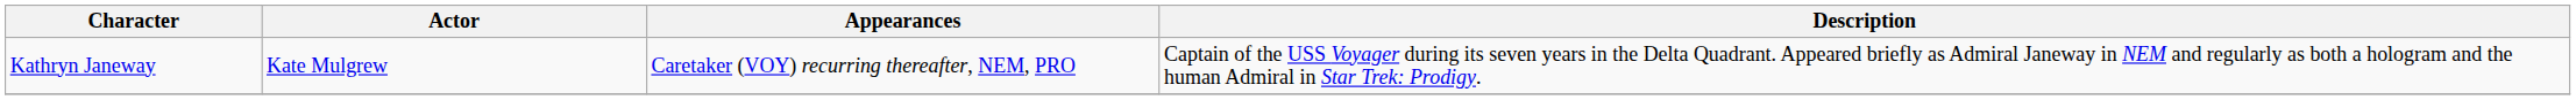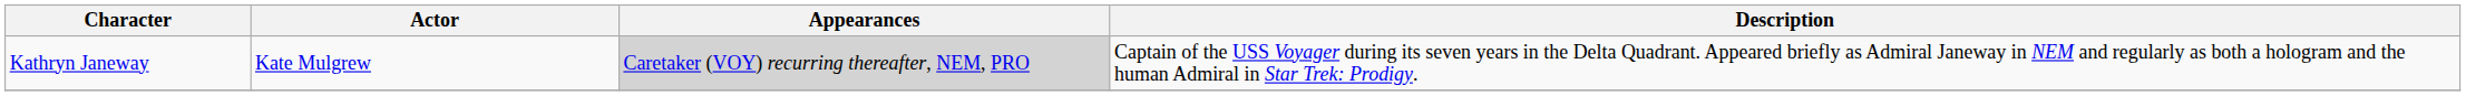 <table class="wikitable">
 <tr>
 <th width="10%">Character</th>
 <th width="15%">Actor</th>
 <th width="20%">Appearances</th>
 <th width="55%">Description</th>
 </tr>
 <tr>
 <td><a href='#'>Kathryn Janeway</a></td>
 <td><a href='#'>Kate Mulgrew</a></td>
-<td><a href='#'>Caretaker</a> (<a href='#'>VOY</a>) <em>recurring thereafter</em>, <a href='#'>NEM</a>, <a href='#'>PRO</a></td>
+<td style="background: lightgrey;"><a href='#'>Caretaker</a> (<a href='#'>VOY</a>) <em>recurring thereafter</em>, <a href='#'>NEM</a>, <a href='#'>PRO</a></td>
 <td>Captain of the <a href='#'>USS <em>Voyager</em></a> during its seven years in the Delta Quadrant. Appeared briefly as Admiral Janeway in <a href='#'><em>NEM</em></a> and regularly as both a hologram and the human Admiral in <em><a href='#'>Star Trek: Prodigy</a></em>.</td>
 </tr>
 <tr>
 </tr>
 </table>
